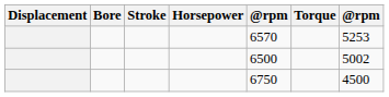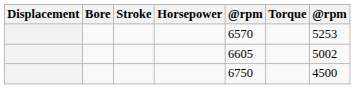 <table class="wikitable">
 <tr>
 <th>Displacement</th>
 <th>Bore</th>
 <th>Stroke</th>
 <th>Horsepower</th>
 <th>@rpm</th>
 <th>Torque</th>
 <th>@rpm</th>
 </tr>
 <tr>
 <th></th>
 <td></td>
 <td></td>
 <td></td>
 <td>6570</td>
 <td></td>
 <td>5253</td>
 </tr>
 <tr>
 <th></th>
 <td></td>
 <td></td>
 <td></td>
-<td>6500</td>
+<td>6605</td>
 <td></td>
 <td>5002</td>
 </tr>
 <tr>
 <th></th>
 <td></td>
 <td></td>
 <td></td>
 <td>6750</td>
 <td></td>
 <td>4500</td>
 </tr>
 </table>
